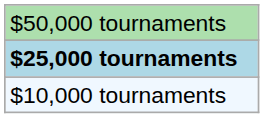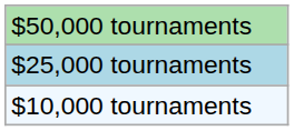 <table class="wikitable" style="font-size:85%;" width=12%>
 <tr bgcolor="#ADDFAD">
 <td>$50,000 tournaments</td>
 </tr>
 <tr bgcolor="lightblue">
-<td><strong>$25,000 tournaments</strong></td>
+<td>$25,000 tournaments</td>
 </tr>
 <tr bgcolor="#f0f8ff">
 <td>$10,000 tournaments</td>
 </tr>
 </table>
